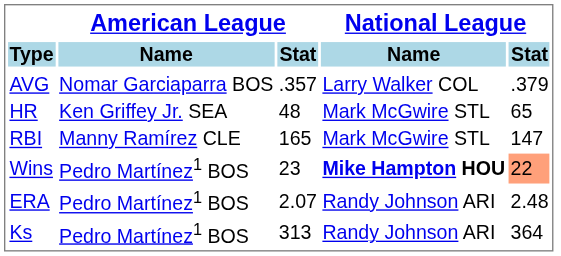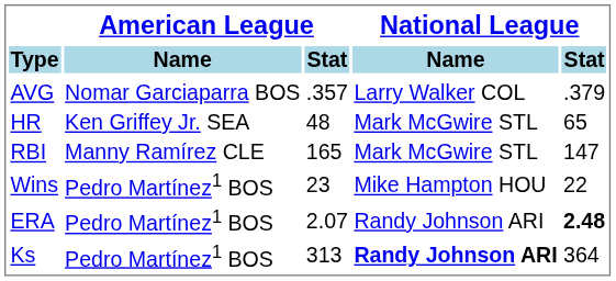 <table cellpadding="1" style="width:auto;font-size: 90%; border: 1px solid gray;">
 <tr align="center" style="font-size: larger;">
 <td> </td>
 <th colspan=2><a href='#'>American League</a></th>
 <th colspan=2><a href='#'>National League</a></th>
 </tr>
 <tr style="background:lightblue;">
 <th>Type</th>
 <th>Name</th>
 <th>Stat</th>
 <th>Name</th>
 <th>Stat</th>
 </tr>
 <tr align="center" style="vertical-align: middle;" style="background:lightblue;">
 </tr>
 <tr>
 <td><a href='#'>AVG</a></td>
 <td><a href='#'>Nomar Garciaparra</a> BOS</td>
 <td>.357</td>
 <td><a href='#'>Larry Walker</a> COL</td>
 <td>.379</td>
 </tr>
 <tr>
 <td><a href='#'>HR</a></td>
 <td><a href='#'>Ken Griffey Jr.</a> SEA</td>
 <td>48</td>
 <td><a href='#'>Mark McGwire</a> STL</td>
 <td>65</td>
 </tr>
 <tr>
 <td><a href='#'>RBI</a></td>
 <td><a href='#'>Manny Ramírez</a> CLE</td>
 <td>165</td>
 <td><a href='#'>Mark McGwire</a> STL</td>
 <td>147</td>
 </tr>
 <tr>
 <td><a href='#'>Wins</a></td>
 <td><a href='#'>Pedro Martínez</a><sup>1</sup> BOS</td>
 <td>23</td>
-<td><strong><a href='#'>Mike Hampton</a> HOU</strong></td>
-<td style="background: lightsalmon;">22</td>
+<td><a href='#'>Mike Hampton</a> HOU</td>
+<td>22</td>
 </tr>
 <tr>
 <td><a href='#'>ERA</a></td>
 <td><a href='#'>Pedro Martínez</a><sup>1</sup> BOS</td>
 <td>2.07</td>
 <td><a href='#'>Randy Johnson</a> ARI</td>
-<td>2.48</td>
+<td><strong>2.48</strong></td>
 </tr>
 <tr>
 <td><a href='#'>Ks</a></td>
 <td><a href='#'>Pedro Martínez</a><sup>1</sup> BOS</td>
 <td>313</td>
-<td><a href='#'>Randy Johnson</a> ARI</td>
+<td><strong><a href='#'>Randy Johnson</a> ARI</strong></td>
 <td>364</td>
 </tr>
 </table>
